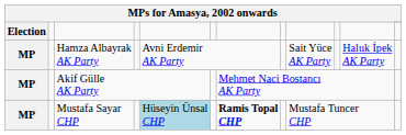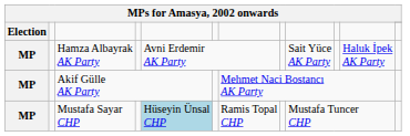 <table class="wikitable">
 <tr>
 <th colspan = 12>MPs for Amasya, 2002 onwards</th>
 </tr>
 <tr>
 <th rowspan = 2>Election</th>
 <td rowspan="2" style="width:1px;"></td>
 <td rowspan = 2></td>
 <td rowspan="2" style="width:1px;"></td>
 <td rowspan = 2></td>
 <td rowspan="2" style="width:1px;"></td>
 <td rowspan = 2></td>
 <td rowspan="2" style="width:1px;"></td>
 <td rowspan = 2></td>
 <td rowspan="2" style="width:1px;"></td>
 <td rowspan = 2></td>
 </tr>
 <tr>
 <td></td>
 </tr>
 <tr>
 <th>MP</th>
 <td width=1px style="background-color: "></td>
 <td colspan = 1>Hamza Albayrak<br><em><a href='#'>AK Party</a></em></td>
 <td width=1px style="background-color: "></td>
 <td colspan = 3>Avni Erdemir<br><em><a href='#'>AK Party</a></em></td>
 <td width=1px style="background-color: "></td>
 <td colspan = 1>Sait Yüce<br><em><a href='#'>AK Party</a></em></td>
 <td width=1px style="background-color: "></td>
 <td colspan = 1><a href='#'>Haluk İpek</a><br><em><a href='#'>AK Party</a></em></td>
 <td width=1px style="background-color: "></td>
 </tr>
 <tr>
 <th>MP</th>
 <td width=1px style="background-color: "></td>
 <td colspan = 3>Akif Gülle<br><em><a href='#'>AK Party</a></em></td>
 <td width=1px style="background-color: "></td>
 <td colspan = 5><a href='#'>Mehmet Naci Bostancı</a><br><em><a href='#'>AK Party</a></em></td>
 <td width=1px style="background-color: "></td>
 </tr>
 <tr>
 <th>MP</th>
 <td width=1px style="background-color: "></td>
 <td colspan = 1>Mustafa Sayar<br><em><a href='#'>CHP</a></em></td>
 <td width=1px style="background-color: "></td>
 <td colspan = 1 style="background: lightblue;">Hüseyin Ünsal<br><em><a href='#'>CHP</a></em></td>
 <td width=1px style="background-color: "></td>
-<td colspan = 1><strong>Ramis Topal<br><em><a href='#'>CHP</a></em></strong></td>
+<td colspan = 1>Ramis Topal<br><em><a href='#'>CHP</a></em></td>
 <td width=1px style="background-color: "></td>
 <td colspan = 3>Mustafa Tuncer<br><em><a href='#'>CHP</a></em></td>
 <td width=1px style="background-color: "></td>
 </tr>
 </table>
